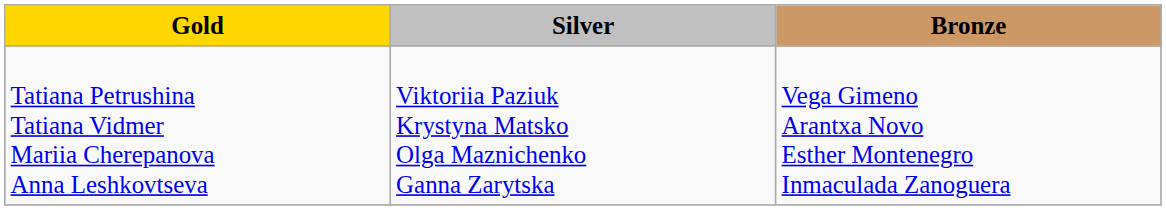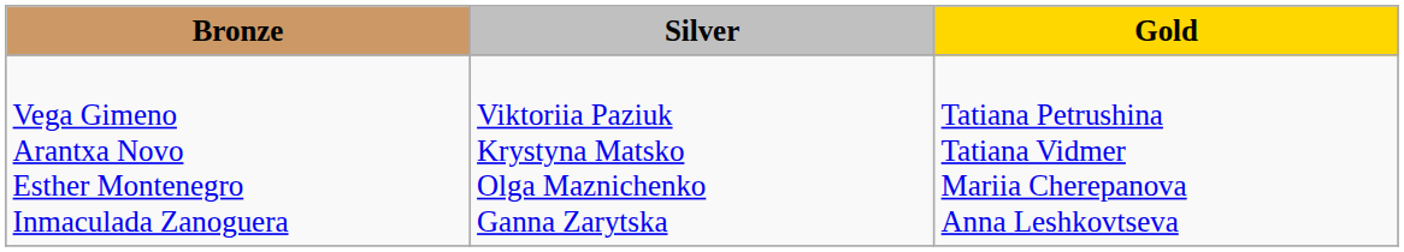 <table class="wikitable" style="font-size:95%;">
 <tr align="center">
+<td style="width: 15em; background: #CC9966"><strong>Bronze</strong></td>
+<td style="width: 15em; background: silver"><strong>Silver</strong></td>
 <td style="width: 15em; background: gold"><strong>Gold</strong></td>
-<td style="width: 15em; background: silver"><strong>Silver</strong></td>
-<td style="width: 15em; background: #CC9966"><strong>Bronze</strong></td>
 </tr>
 <tr valign="top">
+<td><br><a href='#'>Vega Gimeno</a><br><a href='#'>Arantxa Novo</a><br><a href='#'>Esther Montenegro</a><br><a href='#'>Inmaculada Zanoguera</a></td>
+<td><br><a href='#'>Viktoriia Paziuk</a><br><a href='#'>Krystyna Matsko</a><br><a href='#'>Olga Maznichenko</a><br><a href='#'>Ganna Zarytska</a></td>
 <td><br><a href='#'>Tatiana Petrushina</a><br><a href='#'>Tatiana Vidmer</a><br><a href='#'>Mariia Cherepanova</a><br><a href='#'>Anna Leshkovtseva</a></td>
-<td><br><a href='#'>Viktoriia Paziuk</a><br><a href='#'>Krystyna Matsko</a><br><a href='#'>Olga Maznichenko</a><br><a href='#'>Ganna Zarytska</a></td>
-<td><br><a href='#'>Vega Gimeno</a><br><a href='#'>Arantxa Novo</a><br><a href='#'>Esther Montenegro</a><br><a href='#'>Inmaculada Zanoguera</a></td>
 </tr>
 </table>
